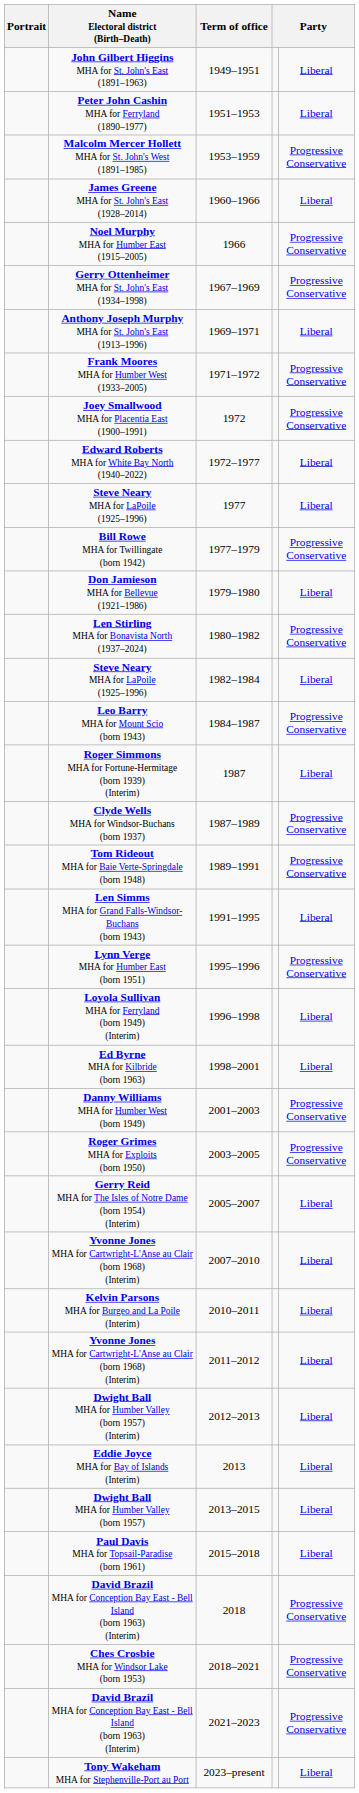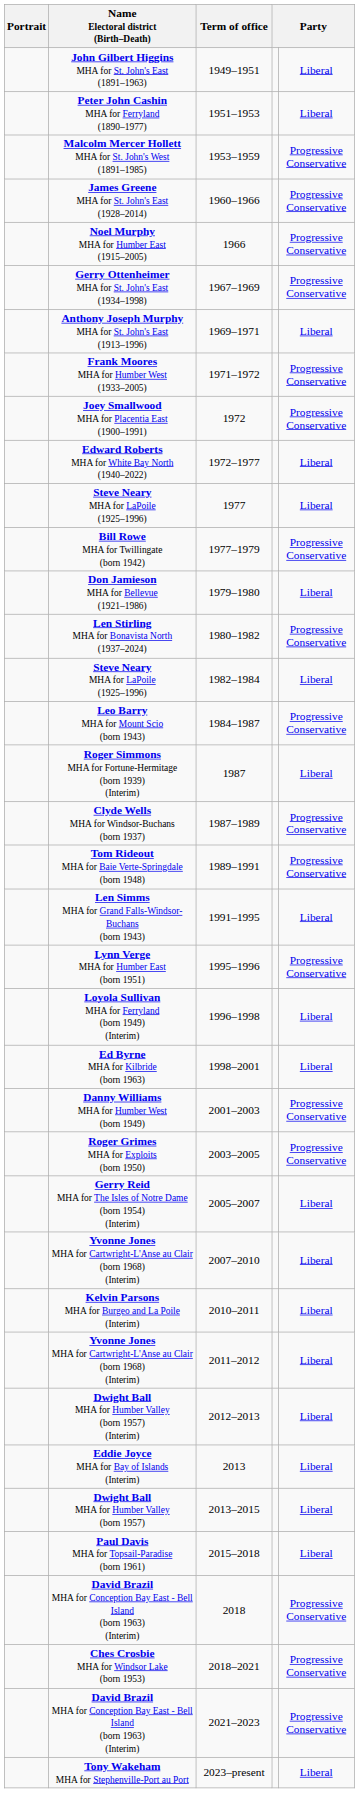 <table class="wikitable" style="text-align:center">
 <tr>
 <th scope="col">Portrait</th>
 <th scope="col" width="200px">Name<br><small>Electoral district<br>(Birth–Death)</small></th>
 <th scope="col" width="100px">Term of office</th>
 <th colspan="2">Party</th>
 </tr>
 <tr>
 <td></td>
 <td><strong><a href='#'>John Gilbert Higgins</a></strong><br><small>MHA for <a href='#'>St. John's East</a></small><br><small>(1891–1963)</small></td>
 <td>1949–1951</td>
 <td style="width:1px; background:"></td>
 <td><a href='#'>Liberal</a></td>
 </tr>
 <tr>
 <td></td>
 <td><strong><a href='#'>Peter John Cashin</a></strong><br><small>MHA for <a href='#'>Ferryland</a></small><br><small>(1890–1977)</small></td>
 <td>1951–1953</td>
 <td style="width:1px; background:"></td>
 <td><a href='#'>Liberal</a></td>
 </tr>
 <tr>
 <td></td>
 <td><strong><a href='#'>Malcolm Mercer Hollett</a></strong><br><small>MHA for <a href='#'>St. John's West</a></small><br><small>(1891–1985)</small></td>
 <td>1953–1959</td>
 <td style="width:1px; background:"></td>
 <td><a href='#'>Progressive Conservative</a></td>
 </tr>
 <tr>
 <td></td>
 <td><a href='#'><strong>James Greene</strong></a><br><small>MHA for <a href='#'>St. John's East</a></small><br><small>(1928–2014)</small></td>
 <td>1960–1966</td>
 <td style="width:1px; background:"></td>
-<td><a href='#'>Liberal</a></td>
+<td><a href='#'>Progressive Conservative</a></td>
 </tr>
 <tr>
 <td></td>
 <td><a href='#'><strong>Noel Murphy</strong></a><br><small>MHA for <a href='#'>Humber East</a></small><br><small>(1915–2005)</small></td>
 <td>1966</td>
 <td style="width:1px; background:"></td>
 <td><a href='#'>Progressive Conservative</a></td>
 </tr>
 <tr>
 <td></td>
 <td><strong><a href='#'>Gerry Ottenheimer</a></strong><br><small>MHA for <a href='#'>St. John's East</a></small><br><small>(1934–1998)</small></td>
 <td>1967–1969</td>
 <td style="width:1px; background:"></td>
 <td><a href='#'>Progressive Conservative</a></td>
 </tr>
 <tr>
 <td></td>
 <td><strong><a href='#'>Anthony Joseph Murphy</a></strong><br><small>MHA for <a href='#'>St. John's East</a></small><br><small>(1913–1996)</small></td>
 <td>1969–1971</td>
 <td style="width:1px; background:"></td>
 <td><a href='#'>Liberal</a></td>
 </tr>
 <tr>
 <td></td>
 <td><strong><a href='#'>Frank Moores</a></strong><br><small>MHA for <a href='#'>Humber West</a></small><br><small>(1933–2005)</small></td>
 <td>1971–1972</td>
 <td style="width:1px; background:"></td>
 <td><a href='#'>Progressive Conservative</a></td>
 </tr>
 <tr>
 <td></td>
 <td><strong><a href='#'>Joey Smallwood</a></strong><br><small>MHA for <a href='#'>Placentia East</a></small><br><small>(1900–1991)</small></td>
 <td>1972</td>
 <td style="width:1px; background:"></td>
 <td><a href='#'>Progressive Conservative</a></td>
 </tr>
 <tr>
 <td></td>
 <td><a href='#'><strong>Edward Roberts</strong></a><br><small>MHA for <a href='#'>White Bay North</a></small><br><small>(1940–2022)</small></td>
 <td>1972–1977</td>
 <td style="width:1px; background:"></td>
 <td><a href='#'>Liberal</a></td>
 </tr>
 <tr>
 <td></td>
 <td><strong><a href='#'>Steve Neary</a></strong><br><small>MHA for <a href='#'>LaPoile</a></small><br><small>(1925–1996)</small></td>
 <td>1977</td>
 <td style="width:1px; background:"></td>
 <td><a href='#'>Liberal</a></td>
 </tr>
 <tr>
 <td></td>
 <td><strong><a href='#'>Bill Rowe</a></strong><br><small>MHA for Twillingate</small><br><small>(born 1942)</small></td>
 <td>1977–1979</td>
 <td style="width:1px; background:"></td>
 <td><a href='#'>Progressive Conservative</a></td>
 </tr>
 <tr>
 <td></td>
 <td><a href='#'><strong>Don Jamieson</strong></a><br><small>MHA for <a href='#'>Bellevue</a></small><br><small>(1921–1986)</small></td>
 <td>1979–1980</td>
 <td style="width:1px; background:"></td>
 <td><a href='#'>Liberal</a></td>
 </tr>
 <tr>
 <td></td>
 <td><strong><a href='#'>Len Stirling</a></strong><br><small>MHA for <a href='#'>Bonavista North</a></small><br><small>(1937–2024)</small></td>
 <td>1980–1982</td>
 <td style="width:1px; background:"></td>
 <td><a href='#'>Progressive Conservative</a></td>
 </tr>
 <tr>
 <td></td>
 <td><strong><a href='#'>Steve Neary</a></strong><br><small>MHA for <a href='#'>LaPoile</a></small><br><small>(1925–1996)</small></td>
 <td>1982–1984</td>
 <td style="width:1px; background:"></td>
 <td><a href='#'>Liberal</a></td>
 </tr>
 <tr>
 <td></td>
 <td><strong><a href='#'>Leo Barry</a></strong><br><small>MHA for <a href='#'>Mount Scio</a></small><br><small>(born 1943)</small></td>
 <td>1984–1987</td>
 <td style="width:1px; background:"></td>
 <td><a href='#'>Progressive Conservative</a></td>
 </tr>
 <tr>
 <td></td>
 <td><strong><a href='#'>Roger Simmons</a></strong><br><small>MHA for Fortune-Hermitage</small><br><small>(born 1939)<br>(Interim)</small></td>
 <td>1987</td>
 <td style="width:1px; background:"></td>
 <td><a href='#'>Liberal</a></td>
 </tr>
 <tr>
 <td></td>
 <td><a href='#'><strong>Clyde Wells</strong></a><br><small>MHA for Windsor-Buchans</small><br><small>(born 1937)</small></td>
 <td>1987–1989</td>
 <td style="width:1px; background:"></td>
 <td><a href='#'>Progressive Conservative</a></td>
 </tr>
 <tr>
 <td></td>
 <td><strong><a href='#'>Tom Rideout</a></strong><br><small>MHA for <a href='#'>Baie Verte-Springdale</a></small><br><small>(born 1948)</small></td>
 <td>1989–1991</td>
 <td style="width:1px; background:"></td>
 <td><a href='#'>Progressive Conservative</a></td>
 </tr>
 <tr>
 <td></td>
 <td><strong><a href='#'>Len Simms</a></strong><br><small>MHA for <a href='#'>Grand Falls-Windsor-Buchans</a></small><br><small>(born 1943)</small></td>
 <td>1991–1995</td>
 <td style="width:1px; background:"></td>
 <td><a href='#'>Liberal</a></td>
 </tr>
 <tr>
 <td></td>
 <td><strong><a href='#'>Lynn Verge</a></strong><br><small>MHA for <a href='#'>Humber East</a></small><br><small>(born 1951)</small></td>
 <td>1995–1996</td>
 <td style="width:1px; background:"></td>
 <td><a href='#'>Progressive Conservative</a></td>
 </tr>
 <tr>
 <td></td>
 <td><strong><a href='#'>Loyola Sullivan</a></strong><br><small>MHA for <a href='#'>Ferryland</a></small><br><small>(born 1949)<br>(Interim)</small></td>
 <td>1996–1998</td>
 <td style="width:1px; background:"></td>
 <td><a href='#'>Liberal</a></td>
 </tr>
 <tr>
 <td></td>
 <td><a href='#'><strong>Ed Byrne</strong></a><br><small>MHA for <a href='#'>Kilbride</a></small><br><small>(born 1963)</small></td>
 <td>1998–2001</td>
 <td style="width:1px; background:"></td>
 <td><a href='#'>Liberal</a></td>
 </tr>
 <tr>
 <td></td>
 <td><a href='#'><strong>Danny Williams</strong></a><br><small>MHA for <a href='#'>Humber West</a></small><br><small>(born 1949)</small></td>
 <td>2001–2003</td>
 <td style="width:1px; background:"></td>
 <td><a href='#'>Progressive Conservative</a></td>
 </tr>
 <tr>
 <td></td>
 <td><strong><a href='#'>Roger Grimes</a></strong><br><small>MHA for <a href='#'>Exploits</a></small><br><small>(born 1950)</small></td>
 <td>2003–2005</td>
 <td style="width:1px; background:"></td>
 <td width="100px"><a href='#'>Progressive Conservative</a></td>
 </tr>
 <tr>
 <td></td>
 <td><strong><a href='#'>Gerry Reid</a></strong><br><small>MHA for <a href='#'>The Isles of Notre Dame</a></small><br><small>(born 1954)<br>(Interim)</small></td>
 <td>2005–2007</td>
 <td style="width:1px; background:"></td>
 <td><a href='#'>Liberal</a></td>
 </tr>
 <tr>
 <td></td>
 <td><strong><a href='#'>Yvonne Jones</a></strong><br><small>MHA for <a href='#'>Cartwright-L'Anse au Clair</a></small><br><small>(born 1968)<br>(Interim)</small></td>
 <td>2007–2010</td>
 <td style="width:1px; background:"></td>
 <td><a href='#'>Liberal</a></td>
 </tr>
 <tr>
 <td></td>
 <td><strong><a href='#'>Kelvin Parsons</a></strong><br><small>MHA for <a href='#'>Burgeo and La Poile</a></small><small><br>(Interim)</small></td>
 <td>2010–2011</td>
 <td style="width:1px; background:"></td>
 <td><a href='#'>Liberal</a></td>
 </tr>
 <tr>
 <td></td>
 <td><strong><a href='#'>Yvonne Jones</a></strong><br><small>MHA for <a href='#'>Cartwright-L'Anse au Clair</a></small><br><small>(born 1968)<br>(Interim)</small></td>
 <td>2011–2012</td>
 <td style="width:1px; background:"></td>
 <td><a href='#'>Liberal</a></td>
 </tr>
 <tr>
 <td></td>
 <td><strong><a href='#'>Dwight Ball</a></strong><br><small>MHA for <a href='#'>Humber Valley</a></small><br><small>(born 1957)<br>(Interim)</small></td>
 <td>2012–2013</td>
 <td style="width:1px; background:"></td>
 <td><a href='#'>Liberal</a></td>
 </tr>
 <tr>
 <td></td>
 <td><strong><a href='#'>Eddie Joyce</a></strong><br><small>MHA for <a href='#'>Bay of Islands</a></small><small><br>(Interim)</small></td>
 <td>2013</td>
 <td style="width:1px; background:"></td>
 <td><a href='#'>Liberal</a></td>
 </tr>
 <tr>
 <td></td>
 <td><strong><a href='#'>Dwight Ball</a></strong><br><small>MHA for <a href='#'>Humber Valley</a></small><br><small>(born 1957)</small></td>
 <td>2013–2015</td>
 <td style="width:1px; background:"></td>
 <td><a href='#'>Liberal</a></td>
 </tr>
 <tr>
 <td></td>
 <td><a href='#'><strong>Paul Davis</strong></a> <br><small>MHA for <a href='#'>Topsail-Paradise</a></small><br><small>(born 1961)</small></td>
 <td>2015–2018</td>
 <td style="width:1px; background:"></td>
 <td><a href='#'>Liberal</a></td>
 </tr>
 <tr>
 <td></td>
 <td><a href='#'><strong>David Brazil</strong></a><br><small>MHA for <a href='#'>Conception Bay East - Bell Island</a></small><br><small>(born 1963)<br>(Interim)</small></td>
 <td>2018</td>
 <td style="width:1px; background:"></td>
 <td><a href='#'>Progressive Conservative</a></td>
 </tr>
 <tr>
 <td></td>
 <td><strong><a href='#'>Ches Crosbie</a></strong><br><small>MHA for <a href='#'>Windsor Lake</a></small><br><small>(born 1953)</small></td>
 <td>2018–2021</td>
 <td style="width:1px; background:"></td>
 <td><a href='#'>Progressive Conservative</a></td>
 </tr>
 <tr>
 <td></td>
 <td><a href='#'><strong>David Brazil</strong></a><br><small>MHA for <a href='#'>Conception Bay East - Bell Island</a></small><br><small>(born 1963)<br>(Interim)</small></td>
 <td>2021–2023</td>
 <td style="width:1px; background:"></td>
 <td><a href='#'>Progressive Conservative</a></td>
 </tr>
 <tr>
 <td></td>
 <td><strong><a href='#'>Tony Wakeham</a></strong><br><small>MHA for <a href='#'>Stephenville-Port au Port</a></small></td>
 <td>2023–present</td>
 <td style="width:1px; background:"></td>
 <td><a href='#'>Liberal</a></td>
 </tr>
 </table>
